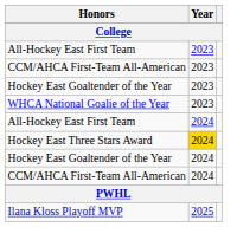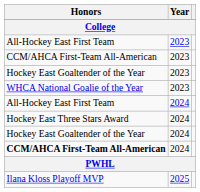 <table class="wikitable">
 <tr>
 <th>Honors</th>
 <th>Year</th>
 <th></th>
 </tr>
 <tr>
 </tr>
 <tr>
 <th colspan="3"><a href='#'>College</a></th>
 </tr>
 <tr>
 <td>All-Hockey East First Team</td>
 <td><a href='#'>2023</a></td>
 <td></td>
 </tr>
 <tr>
 <td>CCM/AHCA First-Team All-American</td>
 <td>2023</td>
 <td></td>
 </tr>
 <tr>
 <td>Hockey East Goaltender of the Year</td>
 <td>2023</td>
 <td></td>
 </tr>
 <tr>
 <td><a href='#'>WHCA National Goalie of the Year</a></td>
 <td>2023</td>
 <td></td>
 </tr>
 <tr>
 <td>All-Hockey East First Team</td>
 <td><a href='#'>2024</a></td>
 <td></td>
 </tr>
 <tr>
 <td>Hockey East Three Stars Award</td>
-<td style="background: gold;">2024</td>
+<td>2024</td>
 <td></td>
 </tr>
 <tr>
 <td>Hockey East Goaltender of the Year</td>
 <td>2024</td>
 <td></td>
 </tr>
 <tr>
-<td>CCM/AHCA First-Team All-American</td>
+<td><strong>CCM/AHCA First-Team All-American</strong></td>
 <td>2024</td>
 <td></td>
 </tr>
 <tr>
 <th colspan="3"><a href='#'>PWHL</a></th>
 </tr>
 <tr>
 <td><a href='#'>Ilana Kloss Playoff MVP</a></td>
 <td><a href='#'>2025</a></td>
 <td></td>
 </tr>
 </table>
